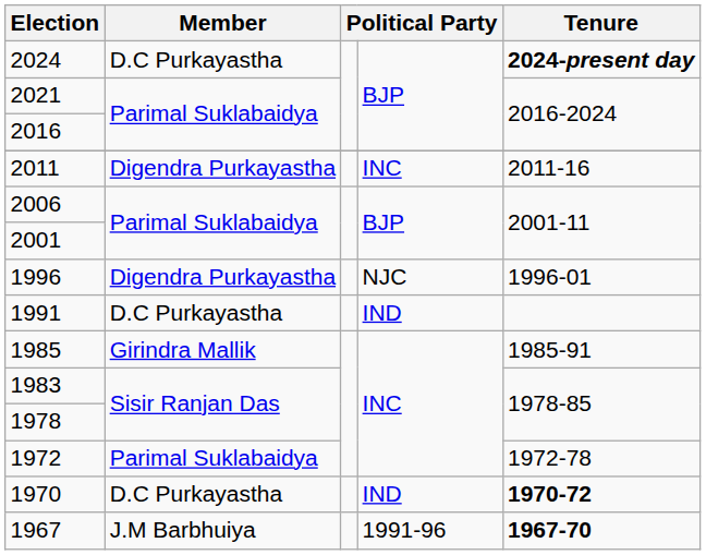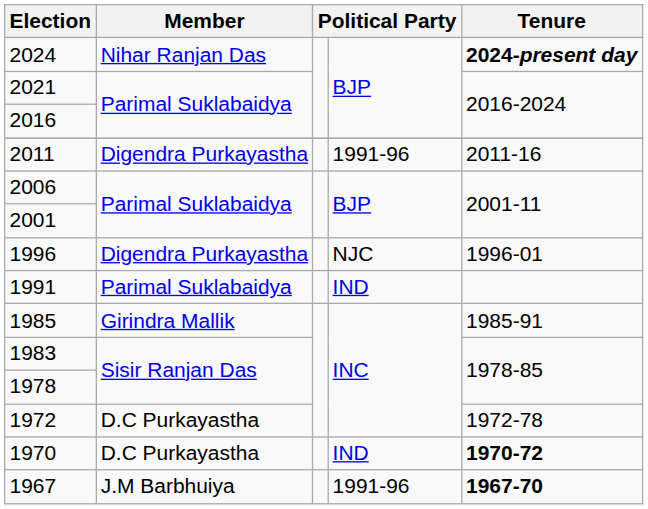 <table class="wikitable sortable">
 <tr>
 <th>Election</th>
 <th>Member</th>
 <th colspan="2">Political Party</th>
 <th>Tenure</th>
 </tr>
 <tr>
 <td>2024</td>
-<td>D.C Purkayastha</td>
+<td><a href='#'>Nihar Ranjan Das</a></td>
 <td rowspan=3 style="background-color: "></td>
 <td rowspan=3><a href='#'>BJP</a></td>
 <td><strong>2024-<em>present day</em></strong></td>
 </tr>
 <tr>
 <td>2021</td>
 <td rowspan=2><a href='#'>Parimal Suklabaidya</a></td>
 <td rowspan=2>2016-2024</td>
 </tr>
 <tr>
 <td>2016</td>
 </tr>
 <tr>
 </tr>
 <tr>
 <td>2011</td>
 <td><a href='#'>Digendra Purkayastha</a></td>
 <td style="background-color:"></td>
-<td><a href='#'>INC</a></td>
+<td>1991-96</td>
 <td>2011-16</td>
 </tr>
 <tr>
 <td>2006</td>
 <td rowspan=2><a href='#'>Parimal Suklabaidya</a></td>
 <td rowspan=2 style="background-color: "></td>
 <td rowspan=2><a href='#'>BJP</a></td>
 <td rowspan=2>2001-11</td>
 </tr>
 <tr>
 <td>2001</td>
 </tr>
 <tr>
 <td>1996</td>
 <td><a href='#'>Digendra Purkayastha</a></td>
 <td style="background-color:"></td>
 <td>NJC</td>
 <td>1996-01</td>
 </tr>
 <tr>
 <td>1991</td>
-<td>D.C Purkayastha</td>
+<td><a href='#'>Parimal Suklabaidya</a></td>
 <td></td>
 <td><a href='#'>IND</a></td>
 </tr>
 <tr>
 <td>1985</td>
 <td><a href='#'>Girindra Mallik</a></td>
 <td rowspan=4 style="background-color:"></td>
 <td rowspan=4><a href='#'>INC</a></td>
 <td>1985-91</td>
 </tr>
 <tr>
 <td>1983</td>
 <td rowspan=2><a href='#'>Sisir Ranjan Das</a></td>
 <td rowspan=2>1978-85</td>
 </tr>
 <tr>
 <td>1978</td>
 </tr>
 <tr>
 <td>1972</td>
-<td><a href='#'>Parimal Suklabaidya</a></td>
+<td>D.C Purkayastha</td>
 <td>1972-78</td>
 </tr>
 <tr>
 <td>1970</td>
 <td>D.C Purkayastha</td>
 <td style="background-cokor:"></td>
 <td><a href='#'>IND</a></td>
 <td><strong>1970-72</strong></td>
 </tr>
 <tr>
 <td>1967</td>
 <td>J.M Barbhuiya</td>
 <td style="background-color:"></td>
 <td>1991-96</td>
 <td><strong>1967-70</strong></td>
 </tr>
 </table>
